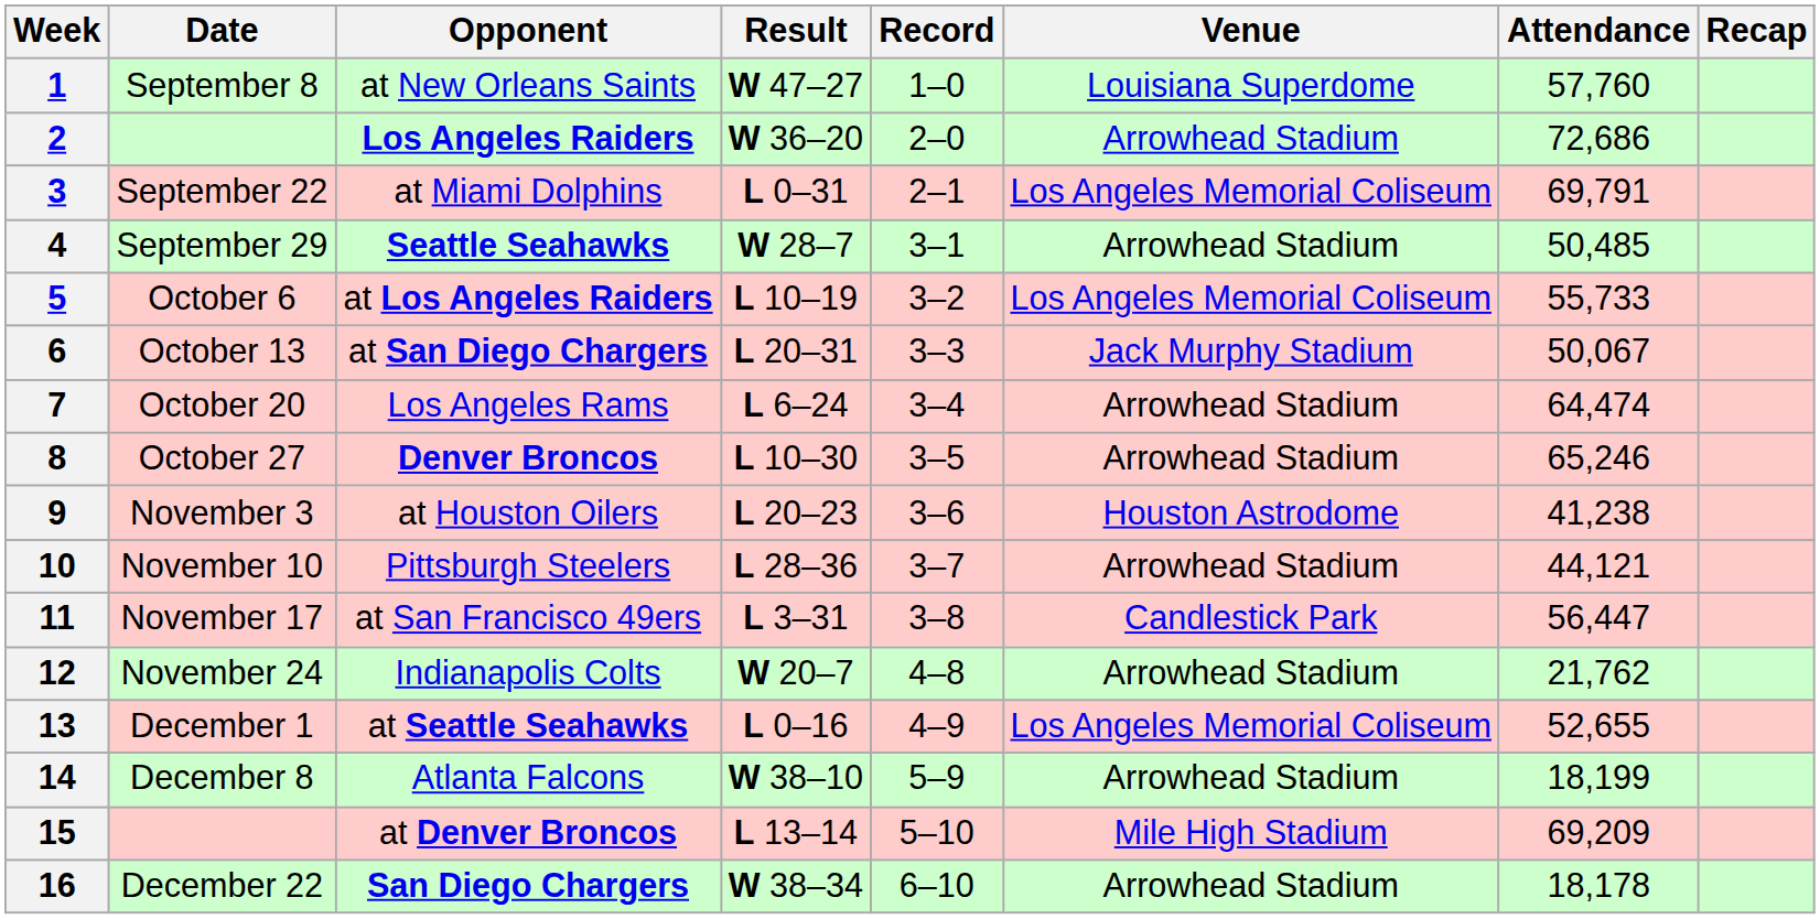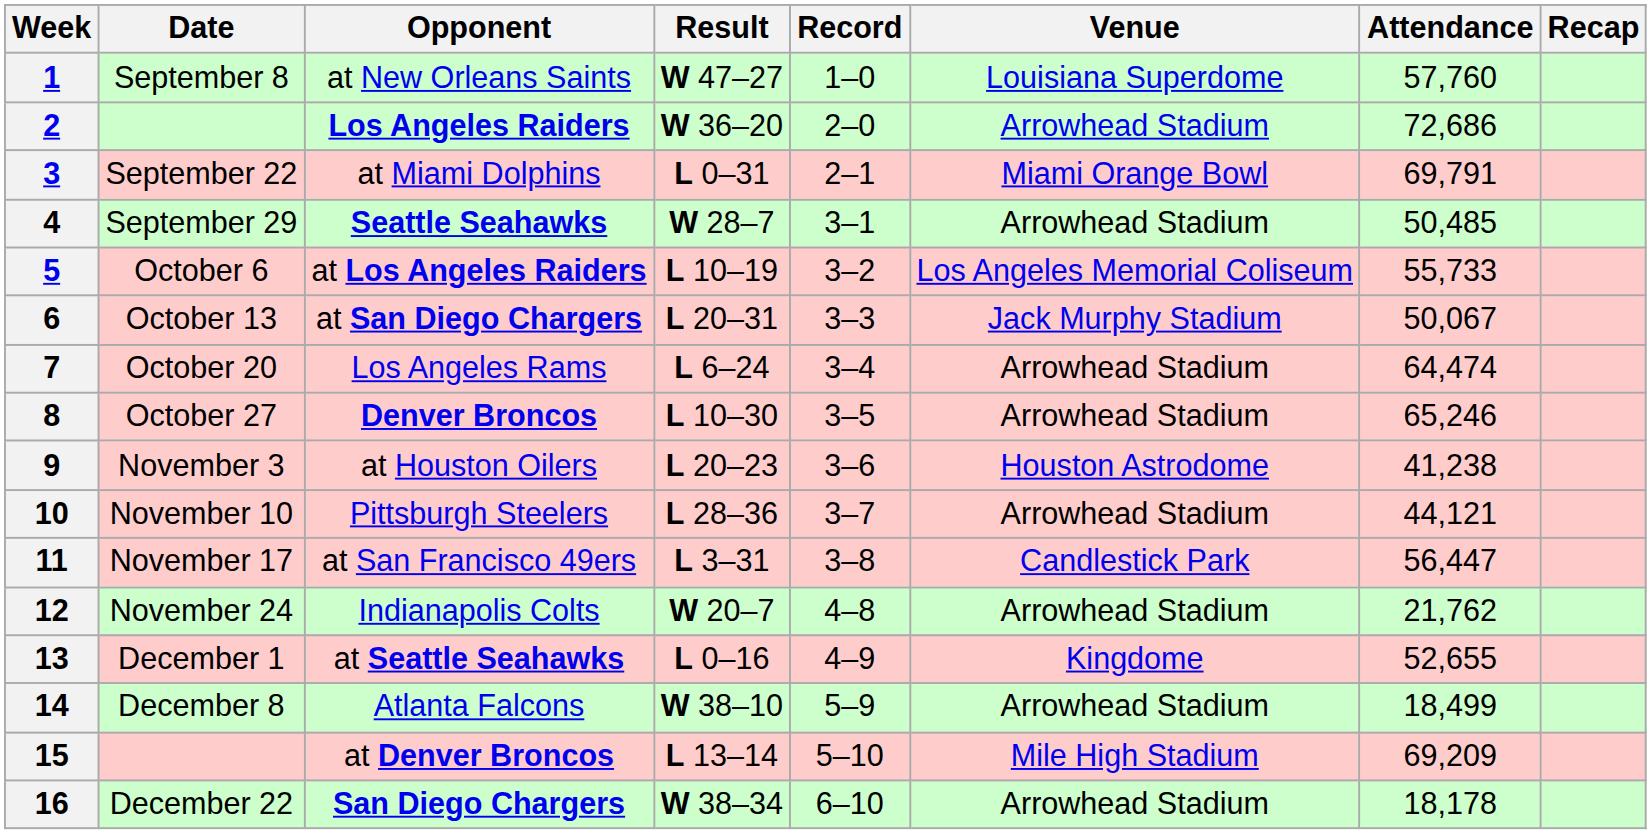 <table class="wikitable" style="text-align:center">
 <tr>
 <th>Week</th>
 <th>Date</th>
 <th>Opponent</th>
 <th>Result</th>
 <th>Record</th>
 <th>Venue</th>
 <th>Attendance</th>
 <th>Recap</th>
 </tr>
 <tr style="background:#cfc">
 <th><a href='#'>1</a></th>
 <td>September 8</td>
 <td>at <a href='#'>New Orleans Saints</a></td>
 <td><strong>W</strong> 47–27</td>
 <td>1–0</td>
 <td><a href='#'>Louisiana Superdome</a></td>
 <td>57,760</td>
 <td></td>
 </tr>
 <tr style="background:#cfc">
 <th><a href='#'>2</a></th>
 <td></td>
 <td><strong><a href='#'>Los Angeles Raiders</a></strong></td>
 <td><strong>W</strong> 36–20</td>
 <td>2–0</td>
 <td><a href='#'>Arrowhead Stadium</a></td>
 <td>72,686</td>
 <td></td>
 </tr>
 <tr style="background:#fcc">
 <th><a href='#'>3</a></th>
 <td>September 22</td>
 <td>at <a href='#'>Miami Dolphins</a></td>
 <td><strong>L</strong> 0–31</td>
 <td>2–1</td>
-<td><a href='#'>Los Angeles Memorial Coliseum</a></td>
+<td><a href='#'>Miami Orange Bowl</a></td>
 <td>69,791</td>
 <td></td>
 </tr>
 <tr style="background:#cfc">
 <th>4</th>
 <td>September 29</td>
 <td><strong><a href='#'>Seattle Seahawks</a></strong></td>
 <td><strong>W</strong> 28–7</td>
 <td>3–1</td>
 <td>Arrowhead Stadium</td>
 <td>50,485</td>
 <td></td>
 </tr>
 <tr style="background:#fcc">
 <th><a href='#'>5</a></th>
 <td>October 6</td>
 <td>at <strong><a href='#'>Los Angeles Raiders</a></strong></td>
 <td><strong>L</strong> 10–19</td>
 <td>3–2</td>
 <td><a href='#'>Los Angeles Memorial Coliseum</a></td>
 <td>55,733</td>
 <td></td>
 </tr>
 <tr style="background:#fcc">
 <th>6</th>
 <td>October 13</td>
 <td>at <strong><a href='#'>San Diego Chargers</a></strong></td>
 <td><strong>L</strong> 20–31</td>
 <td>3–3</td>
 <td><a href='#'>Jack Murphy Stadium</a></td>
 <td>50,067</td>
 <td></td>
 </tr>
 <tr style="background:#fcc">
 <th>7</th>
 <td>October 20</td>
 <td><a href='#'>Los Angeles Rams</a></td>
 <td><strong>L</strong> 6–24</td>
 <td>3–4</td>
 <td>Arrowhead Stadium</td>
 <td>64,474</td>
 <td></td>
 </tr>
 <tr style="background:#fcc">
 <th>8</th>
 <td>October 27</td>
 <td><strong><a href='#'>Denver Broncos</a></strong></td>
 <td><strong>L</strong> 10–30</td>
 <td>3–5</td>
 <td>Arrowhead Stadium</td>
 <td>65,246</td>
 <td></td>
 </tr>
 <tr style="background:#fcc">
 <th>9</th>
 <td>November 3</td>
 <td>at <a href='#'>Houston Oilers</a></td>
 <td><strong>L</strong> 20–23</td>
 <td>3–6</td>
 <td><a href='#'>Houston Astrodome</a></td>
 <td>41,238</td>
 <td></td>
 </tr>
 <tr style="background:#fcc">
 <th>10</th>
 <td>November 10</td>
 <td><a href='#'>Pittsburgh Steelers</a></td>
 <td><strong>L</strong> 28–36</td>
 <td>3–7</td>
 <td>Arrowhead Stadium</td>
 <td>44,121</td>
 <td></td>
 </tr>
 <tr style="background:#fcc">
 <th>11</th>
 <td>November 17</td>
 <td>at <a href='#'>San Francisco 49ers</a></td>
 <td><strong>L</strong> 3–31</td>
 <td>3–8</td>
 <td><a href='#'>Candlestick Park</a></td>
 <td>56,447</td>
 <td></td>
 </tr>
 <tr style="background:#cfc">
 <th>12</th>
 <td>November 24</td>
 <td><a href='#'>Indianapolis Colts</a></td>
 <td><strong>W</strong> 20–7</td>
 <td>4–8</td>
 <td>Arrowhead Stadium</td>
 <td>21,762</td>
 <td></td>
 </tr>
 <tr style="background:#fcc">
 <th>13</th>
 <td>December 1</td>
 <td>at <strong><a href='#'>Seattle Seahawks</a></strong></td>
 <td><strong>L</strong> 0–16</td>
 <td>4–9</td>
-<td><a href='#'>Los Angeles Memorial Coliseum</a></td>
+<td><a href='#'>Kingdome</a></td>
 <td>52,655</td>
 <td></td>
 </tr>
 <tr style="background:#cfc">
 <th>14</th>
 <td>December 8</td>
 <td><a href='#'>Atlanta Falcons</a></td>
 <td><strong>W</strong> 38–10</td>
 <td>5–9</td>
 <td>Arrowhead Stadium</td>
-<td>18,199</td>
+<td>18,499</td>
 <td></td>
 </tr>
 <tr style="background:#fcc">
 <th>15</th>
 <td></td>
 <td>at <strong><a href='#'>Denver Broncos</a></strong></td>
 <td><strong>L</strong> 13–14</td>
 <td>5–10</td>
 <td><a href='#'>Mile High Stadium</a></td>
 <td>69,209</td>
 <td></td>
 </tr>
 <tr style="background:#cfc">
 <th>16</th>
 <td>December 22</td>
 <td><strong><a href='#'>San Diego Chargers</a></strong></td>
 <td><strong>W</strong> 38–34</td>
 <td>6–10</td>
 <td>Arrowhead Stadium</td>
 <td>18,178</td>
 <td></td>
 </tr>
 </table>
